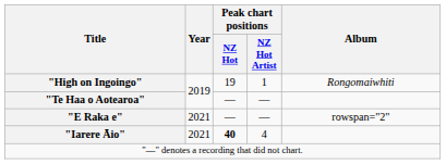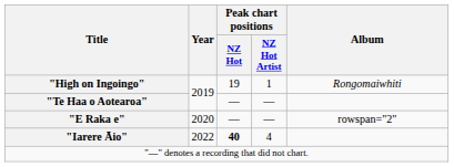 <table class="wikitable plainrowheaders" style="text-align:center;">
 <tr>
 <th scope="col" rowspan="2" style="width:16em;">Title</th>
 <th scope="col" rowspan="2" style="width:1em;">Year</th>
 <th scope="col" colspan="2">Peak chart positions</th>
 <th scope="col" rowspan="2" style="width:14em;">Album</th>
 </tr>
 <tr>
 <th scope="col" style="width:3em;font-size:90%;"><a href='#'>NZ<br>Hot</a><br></th>
 <th scope="col" style="width:3em;font-size:90%;"><a href='#'>NZ<br>Hot<br>Artist</a><br></th>
 </tr>
 <tr>
 <th scope="row">"High on Ingoingo"</th>
 <td rowspan="2">2019</td>
 <td>19</td>
 <td>1</td>
 <td><em>Rongomaiwhiti</em></td>
 </tr>
 <tr>
 <th scope="row">"Te Haa o Aotearoa"</th>
 <td>—</td>
 <td>—</td>
 </tr>
 <tr>
 <th scope="row">"E Raka e"<br></th>
-<td>2021</td>
+<td>2020</td>
 <td>—</td>
 <td>—</td>
 <td>rowspan="2" </td>
 </tr>
 <tr>
 <th scope="row">"Iarere Āio"<br></th>
-<td>2021</td>
+<td>2022</td>
 <td><strong>40</strong></td>
 <td>4</td>
 <td></td>
 </tr>
 <tr>
 <td colspan="8" style="font-size:85%;">"—" denotes a recording that did not chart.</td>
 </tr>
 </table>
